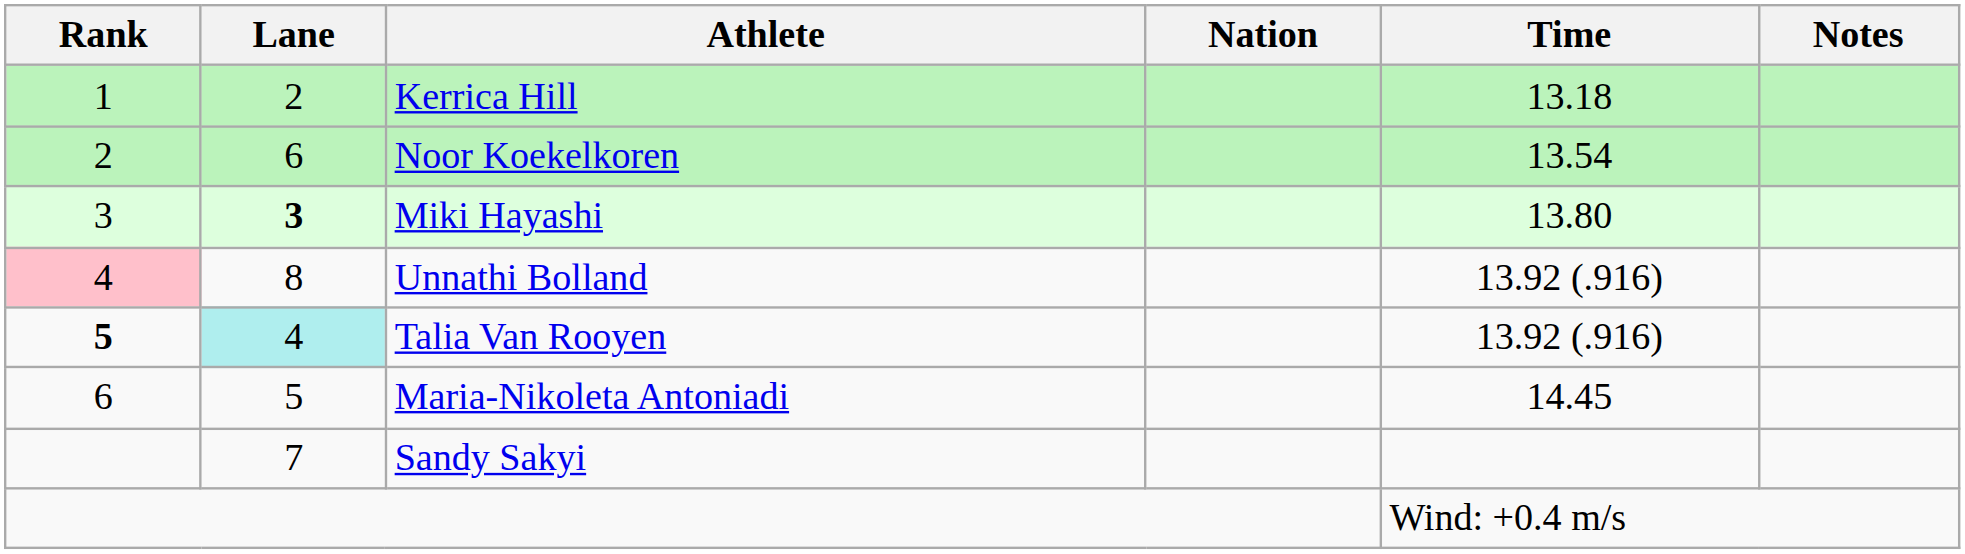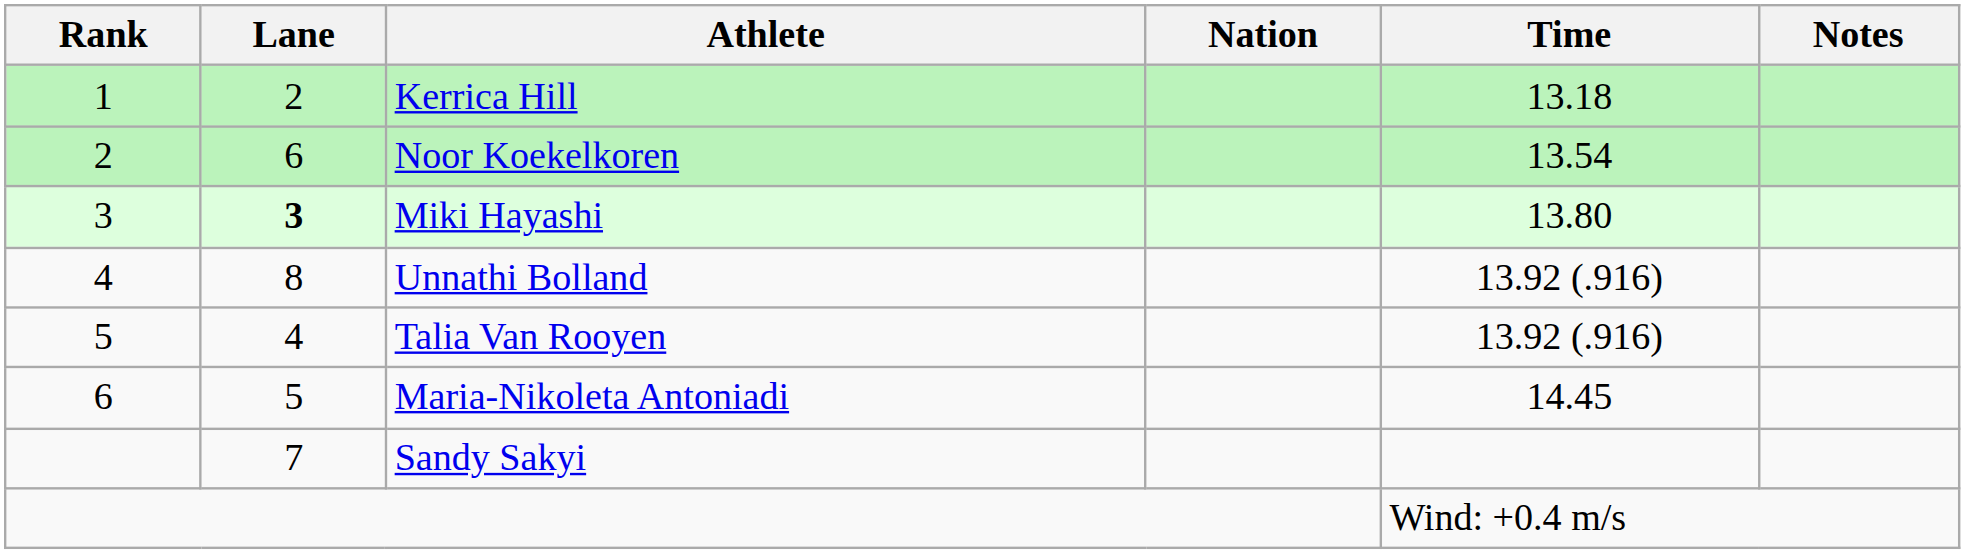 <table class="wikitable sortable" style="text-align:center;width: 65%;">
 <tr>
 <th scope="col">Rank</th>
 <th scope="col">Lane</th>
 <th scope="col">Athlete</th>
 <th scope="col">Nation</th>
 <th scope="col">Time</th>
 <th scope="col">Notes</th>
 </tr>
 <tr bgcolor=bbf3bb>
 <td>1</td>
 <td>2</td>
 <td align=left><a href='#'>Kerrica Hill</a></td>
 <td align=left></td>
 <td>13.18</td>
 <td></td>
 </tr>
 <tr bgcolor=bbf3bb>
 <td>2</td>
 <td>6</td>
 <td align=left><a href='#'>Noor Koekelkoren</a></td>
 <td align=left></td>
 <td>13.54</td>
 <td></td>
 </tr>
 <tr bgcolor=ddffdd>
 <td>3</td>
 <td><strong>3</strong></td>
 <td align=left><a href='#'>Miki Hayashi</a></td>
 <td align=left></td>
 <td>13.80</td>
 <td></td>
 </tr>
 <tr>
-<td style="background: pink;">4</td>
+<td>4</td>
 <td>8</td>
 <td align=left><a href='#'>Unnathi Bolland</a></td>
 <td align=left></td>
 <td>13.92 (.916)</td>
 <td></td>
 </tr>
 <tr>
-<td><strong>5</strong></td>
-<td style="background: paleturquoise;">4</td>
+<td>5</td>
+<td>4</td>
 <td align=left><a href='#'>Talia Van Rooyen</a></td>
 <td align=left></td>
 <td>13.92 (.916)</td>
 <td></td>
 </tr>
 <tr>
 <td>6</td>
 <td>5</td>
 <td align=left><a href='#'>Maria-Nikoleta Antoniadi</a></td>
 <td align=left></td>
 <td>14.45</td>
 <td></td>
 </tr>
 <tr>
 <td></td>
 <td>7</td>
 <td align=left><a href='#'>Sandy Sakyi</a></td>
 <td align=left></td>
 <td></td>
 <td></td>
 </tr>
 <tr class="sortbottom">
 <td colspan="4"></td>
 <td colspan="2" style="text-align:left;">Wind: +0.4 m/s</td>
 </tr>
 </table>
